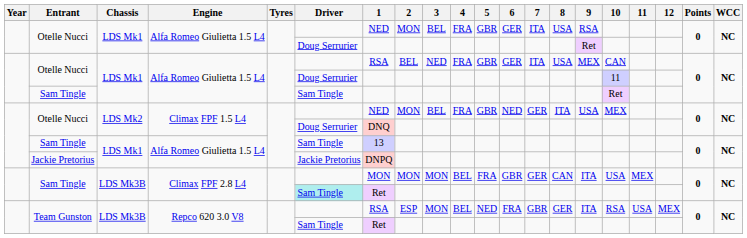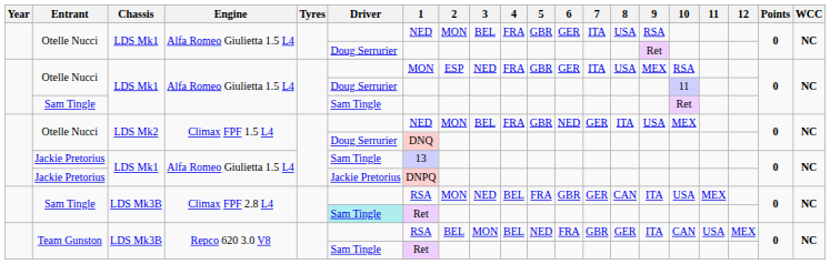 <table class="wikitable" style="text-align:center; font-size:85%">
 <tr>
 <th>Year</th>
 <th>Entrant</th>
 <th>Chassis</th>
 <th>Engine</th>
 <th>Tyres</th>
 <th>Driver</th>
 <th>1</th>
 <th>2</th>
 <th>3</th>
 <th>4</th>
 <th>5</th>
 <th>6</th>
 <th>7</th>
 <th>8</th>
 <th>9</th>
 <th>10</th>
 <th>11</th>
 <th>12</th>
 <th>Points</th>
 <th>WCC</th>
 </tr>
 <tr>
 <td rowspan=2></td>
 <td rowspan=2>Otelle Nucci</td>
 <td rowspan=2><a href='#'>LDS Mk1</a></td>
 <td rowspan=2><a href='#'>Alfa Romeo</a> Giulietta 1.5 <a href='#'>L4</a></td>
 <td rowspan=2></td>
 <td></td>
 <td><a href='#'>NED</a></td>
 <td><a href='#'>MON</a></td>
 <td><a href='#'>BEL</a></td>
 <td><a href='#'>FRA</a></td>
 <td><a href='#'>GBR</a></td>
 <td><a href='#'>GER</a></td>
 <td><a href='#'>ITA</a></td>
 <td><a href='#'>USA</a></td>
 <td><a href='#'>RSA</a></td>
 <td></td>
 <td></td>
 <td></td>
 <td rowspan=2><strong>0</strong></td>
 <td rowspan=2><strong>NC</strong></td>
 </tr>
 <tr>
 <td align="left"> <a href='#'>Doug Serrurier</a></td>
 <td></td>
 <td></td>
 <td></td>
 <td></td>
 <td></td>
 <td></td>
 <td></td>
 <td></td>
 <td style="background:#EFCFFF;">Ret</td>
 <td></td>
 <td></td>
 <td></td>
 </tr>
 <tr>
 <td rowspan=3></td>
 <td rowspan=2>Otelle Nucci</td>
 <td rowspan=3><a href='#'>LDS Mk1</a></td>
 <td rowspan=3><a href='#'>Alfa Romeo</a> Giulietta 1.5 <a href='#'>L4</a></td>
 <td rowspan=3></td>
 <td></td>
-<td><a href='#'>RSA</a></td>
-<td><a href='#'>BEL</a></td>
+<td><a href='#'>MON</a></td>
+<td><a href='#'>ESP</a></td>
 <td><a href='#'>NED</a></td>
 <td><a href='#'>FRA</a></td>
 <td><a href='#'>GBR</a></td>
 <td><a href='#'>GER</a></td>
 <td><a href='#'>ITA</a></td>
 <td><a href='#'>USA</a></td>
 <td><a href='#'>MEX</a></td>
-<td><a href='#'>CAN</a></td>
+<td><a href='#'>RSA</a></td>
 <td></td>
 <td></td>
 <td rowspan=3><strong>0</strong></td>
 <td rowspan=3><strong>NC</strong></td>
 </tr>
 <tr>
 <td align="left"> <a href='#'>Doug Serrurier</a></td>
 <td></td>
 <td></td>
 <td></td>
 <td></td>
 <td></td>
 <td></td>
 <td></td>
 <td></td>
 <td></td>
 <td style="background:#CFCFFF;">11</td>
 <td></td>
 <td></td>
 </tr>
 <tr>
 <td><a href='#'>Sam Tingle</a></td>
 <td align="left"> <a href='#'>Sam Tingle</a></td>
 <td></td>
 <td></td>
 <td></td>
 <td></td>
 <td></td>
 <td></td>
 <td></td>
 <td></td>
 <td></td>
 <td style="background:#EFCFFF;">Ret</td>
 <td></td>
 <td></td>
 </tr>
 <tr>
 <td rowspan=4></td>
 <td rowspan=2>Otelle Nucci</td>
 <td rowspan=2><a href='#'>LDS Mk2</a></td>
 <td rowspan=2><a href='#'>Climax</a> <a href='#'>FPF</a> 1.5 <a href='#'>L4</a></td>
 <td rowspan=4></td>
 <td></td>
 <td><a href='#'>NED</a></td>
 <td><a href='#'>MON</a></td>
 <td><a href='#'>BEL</a></td>
 <td><a href='#'>FRA</a></td>
 <td><a href='#'>GBR</a></td>
 <td><a href='#'>NED</a></td>
 <td><a href='#'>GER</a></td>
 <td><a href='#'>ITA</a></td>
 <td><a href='#'>USA</a></td>
 <td><a href='#'>MEX</a></td>
 <td></td>
 <td></td>
 <td rowspan=2><strong>0</strong></td>
 <td rowspan=2><strong>NC</strong></td>
 </tr>
 <tr>
 <td align="left"> <a href='#'>Doug Serrurier</a></td>
 <td style="background:#FFCFCF;">DNQ</td>
 <td></td>
 <td></td>
 <td></td>
 <td></td>
 <td></td>
 <td></td>
 <td></td>
 <td></td>
 <td></td>
 <td></td>
 <td></td>
 </tr>
 <tr>
-<td><a href='#'>Sam Tingle</a></td>
+<td><a href='#'>Jackie Pretorius</a></td>
 <td rowspan=2><a href='#'>LDS Mk1</a></td>
 <td rowspan=2><a href='#'>Alfa Romeo</a> Giulietta 1.5 <a href='#'>L4</a></td>
 <td align="left"> <a href='#'>Sam Tingle</a></td>
 <td style="background:#CFCFFF;">13</td>
 <td></td>
 <td></td>
 <td></td>
 <td></td>
 <td></td>
 <td></td>
 <td></td>
 <td></td>
 <td></td>
 <td></td>
 <td></td>
 <td rowspan=2><strong>0</strong></td>
 <td rowspan=2><strong>NC</strong></td>
 </tr>
 <tr>
 <td><a href='#'>Jackie Pretorius</a></td>
 <td align="left"> <a href='#'>Jackie Pretorius</a></td>
 <td style="background:#FFCFCF;">DNPQ</td>
 <td></td>
 <td></td>
 <td></td>
 <td></td>
 <td></td>
 <td></td>
 <td></td>
 <td></td>
 <td></td>
 <td></td>
 <td></td>
 </tr>
 <tr>
 <td rowspan=2></td>
 <td rowspan=2><a href='#'>Sam Tingle</a></td>
 <td rowspan=2><a href='#'>LDS Mk3B</a></td>
 <td rowspan=2><a href='#'>Climax</a> <a href='#'>FPF</a> 2.8 <a href='#'>L4</a></td>
 <td rowspan=2></td>
 <td></td>
+<td><a href='#'>RSA</a></td>
 <td><a href='#'>MON</a></td>
-<td><a href='#'>MON</a></td>
-<td><a href='#'>MON</a></td>
+<td><a href='#'>NED</a></td>
 <td><a href='#'>BEL</a></td>
 <td><a href='#'>FRA</a></td>
 <td><a href='#'>GBR</a></td>
 <td><a href='#'>GER</a></td>
 <td><a href='#'>CAN</a></td>
 <td><a href='#'>ITA</a></td>
 <td><a href='#'>USA</a></td>
 <td><a href='#'>MEX</a></td>
 <td></td>
 <td rowspan=2><strong>0</strong></td>
 <td rowspan=2><strong>NC</strong></td>
 </tr>
 <tr>
 <td align="left" style="background: paleturquoise;"> <a href='#'>Sam Tingle</a></td>
 <td style="background:#EFCFFF;">Ret</td>
 <td></td>
 <td></td>
 <td></td>
 <td></td>
 <td></td>
 <td></td>
 <td></td>
 <td></td>
 <td></td>
 <td></td>
 <td></td>
 </tr>
 <tr>
 <td rowspan=2></td>
 <td rowspan=2><a href='#'>Team Gunston</a></td>
 <td rowspan=2><a href='#'>LDS Mk3B</a></td>
 <td rowspan=2><a href='#'>Repco</a> 620 3.0 <a href='#'>V8</a></td>
 <td rowspan=2></td>
 <td></td>
 <td><a href='#'>RSA</a></td>
-<td><a href='#'>ESP</a></td>
+<td><a href='#'>BEL</a></td>
 <td><a href='#'>MON</a></td>
 <td><a href='#'>BEL</a></td>
 <td><a href='#'>NED</a></td>
 <td><a href='#'>FRA</a></td>
 <td><a href='#'>GBR</a></td>
 <td><a href='#'>GER</a></td>
 <td><a href='#'>ITA</a></td>
-<td><a href='#'>RSA</a></td>
+<td><a href='#'>CAN</a></td>
 <td><a href='#'>USA</a></td>
 <td><a href='#'>MEX</a></td>
 <td rowspan=2><strong>0</strong></td>
 <td rowspan=2><strong>NC</strong></td>
 </tr>
 <tr>
 <td align="left"> <a href='#'>Sam Tingle</a></td>
 <td style="background:#EFCFFF;">Ret</td>
 <td></td>
 <td></td>
 <td></td>
 <td></td>
 <td></td>
 <td></td>
 <td></td>
 <td></td>
 <td></td>
 <td></td>
 <td></td>
 </tr>
 </table>
